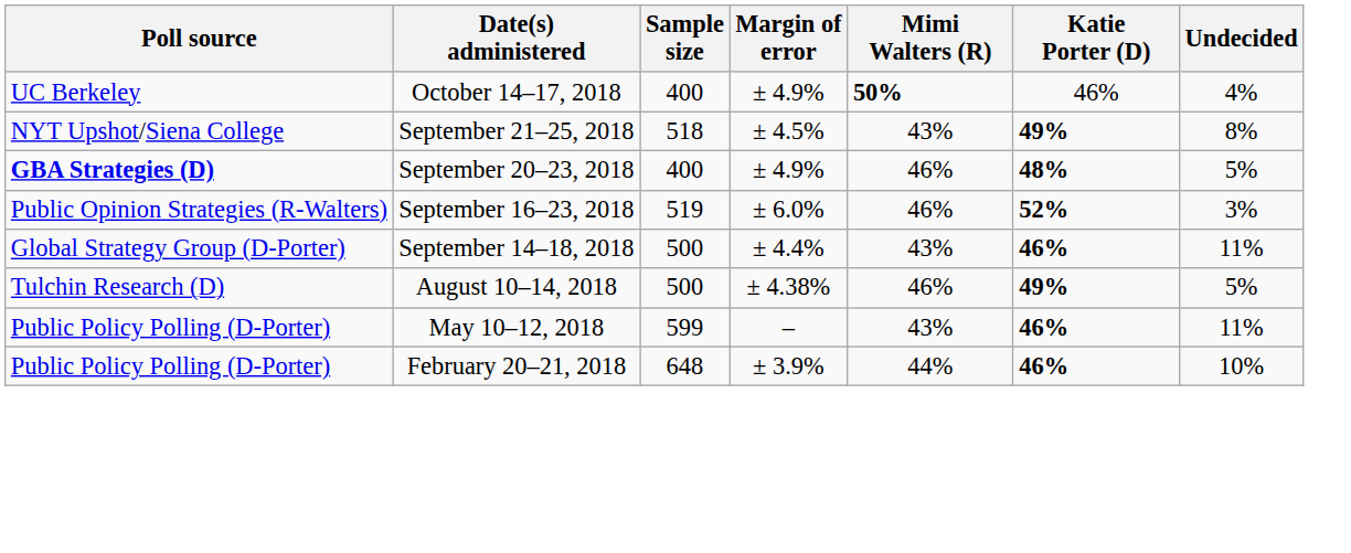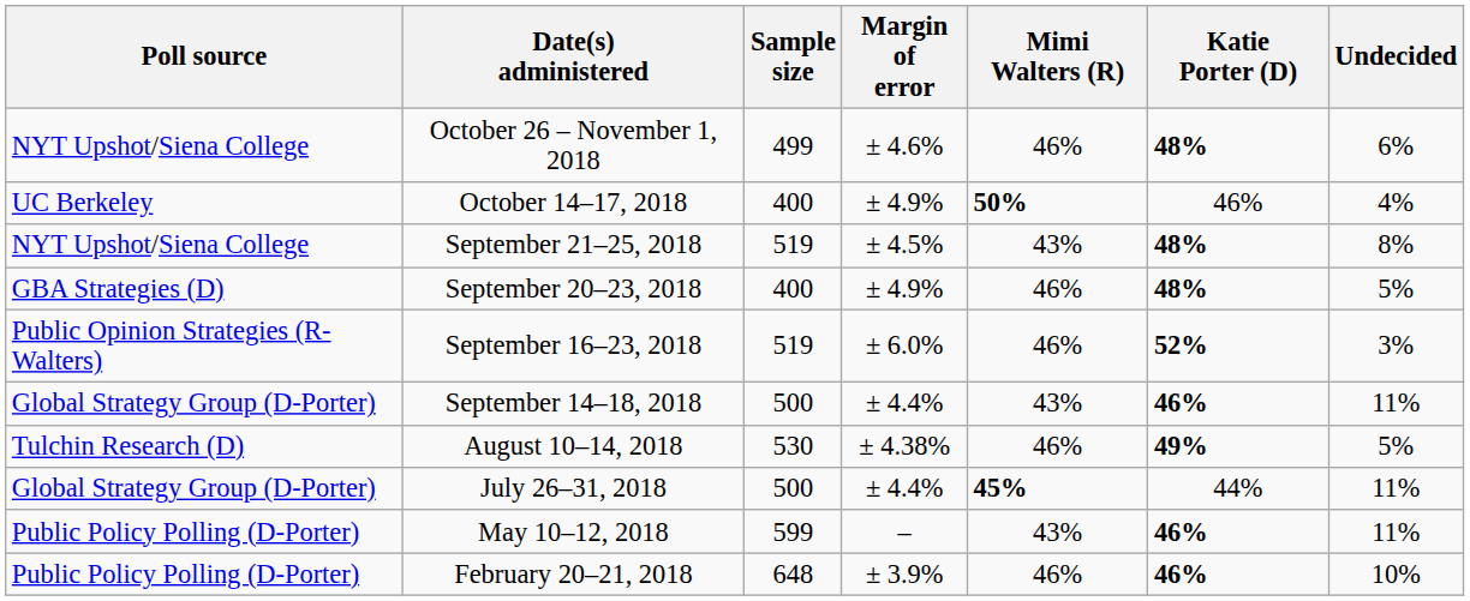 <table class="wikitable">
 <tr>
 <th>Poll source</th>
 <th>Date(s)<br>administered</th>
 <th>Sample<br>size</th>
 <th>Margin of<br>error</th>
 <th style="width:100px;">Mimi<br>Walters (R)</th>
 <th style="width:100px;">Katie<br>Porter (D)</th>
 <th>Undecided</th>
+</tr>
+<tr>
+<td><a href='#'>NYT Upshot</a>/<a href='#'>Siena College</a></td>
+<td style="text-align:center">October 26 – November 1, 2018</td>
+<td style="text-align:center">499</td>
+<td style="text-align:center">± 4.6%</td>
+<td style="text-align:center">46%</td>
+<td style="background-color:"><strong>48%</strong></td>
+<td style="text-align:center">6%</td>
 </tr>
 <tr>
 <td><a href='#'>UC Berkeley</a></td>
 <td style="text-align:center">October 14–17, 2018</td>
 <td style="text-align:center">400</td>
 <td style="text-align:center">± 4.9%</td>
 <td style="background-color:"><strong>50%</strong></td>
 <td style="text-align:center">46%</td>
 <td style="text-align:center">4%</td>
 </tr>
 <tr>
 <td><a href='#'>NYT Upshot</a>/<a href='#'>Siena College</a></td>
 <td style="text-align:center">September 21–25, 2018</td>
-<td style="text-align:center">518</td>
+<td style="text-align:center">519</td>
 <td style="text-align:center">± 4.5%</td>
 <td style="text-align:center">43%</td>
-<td style="background-color:"><strong>49%</strong></td>
+<td style="background-color:"><strong>48%</strong></td>
 <td style="text-align:center">8%</td>
 </tr>
 <tr>
-<td><strong><a href='#'>GBA Strategies (D)</a></strong></td>
+<td><a href='#'>GBA Strategies (D)</a></td>
 <td style="text-align:center">September 20–23, 2018</td>
 <td style="text-align:center">400</td>
 <td style="text-align:center">± 4.9%</td>
 <td style="text-align:center">46%</td>
 <td style="background-color:"><strong>48%</strong></td>
 <td style="text-align:center">5%</td>
 </tr>
 <tr>
 <td><a href='#'>Public Opinion Strategies (R-Walters)</a></td>
 <td style="text-align:center">September 16–23, 2018</td>
 <td style="text-align:center">519</td>
 <td style="text-align:center">± 6.0%</td>
 <td style="text-align:center">46%</td>
 <td style="background-color:"><strong>52%</strong></td>
 <td style="text-align:center">3%</td>
 </tr>
 <tr>
 <td><a href='#'>Global Strategy Group (D-Porter)</a></td>
 <td style="text-align:center">September 14–18, 2018</td>
 <td style="text-align:center">500</td>
 <td style="text-align:center">± 4.4%</td>
 <td style="text-align:center">43%</td>
 <td style="background-color:"><strong>46%</strong></td>
 <td style="text-align:center">11%</td>
 </tr>
 <tr>
 <td><a href='#'>Tulchin Research (D)</a></td>
 <td style="text-align:center">August 10–14, 2018</td>
-<td style="text-align:center">500</td>
+<td style="text-align:center">530</td>
 <td style="text-align:center">± 4.38%</td>
 <td style="text-align:center">46%</td>
 <td style="background-color:"><strong>49%</strong></td>
 <td style="text-align:center">5%</td>
+</tr>
+<tr>
+<td><a href='#'>Global Strategy Group (D-Porter)</a></td>
+<td style="text-align:center">July 26–31, 2018</td>
+<td style="text-align:center">500</td>
+<td style="text-align:center">± 4.4%</td>
+<td style="background-color:"><strong>45%</strong></td>
+<td style="text-align:center">44%</td>
+<td style="text-align:center">11%</td>
 </tr>
 <tr>
 <td><a href='#'>Public Policy Polling (D-Porter)</a></td>
 <td style="text-align:center">May 10–12, 2018</td>
 <td style="text-align:center">599</td>
 <td style="text-align:center">–</td>
 <td style="text-align:center">43%</td>
 <td style="background-color:"><strong>46%</strong></td>
 <td style="text-align:center">11%</td>
 </tr>
 <tr>
 <td><a href='#'>Public Policy Polling (D-Porter)</a></td>
 <td style="text-align:center">February 20–21, 2018</td>
 <td style="text-align:center">648</td>
 <td style="text-align:center">± 3.9%</td>
-<td style="text-align:center">44%</td>
+<td style="text-align:center">46%</td>
 <td style="background-color:"><strong>46%</strong></td>
 <td style="text-align:center">10%</td>
 </tr>
 </table>
